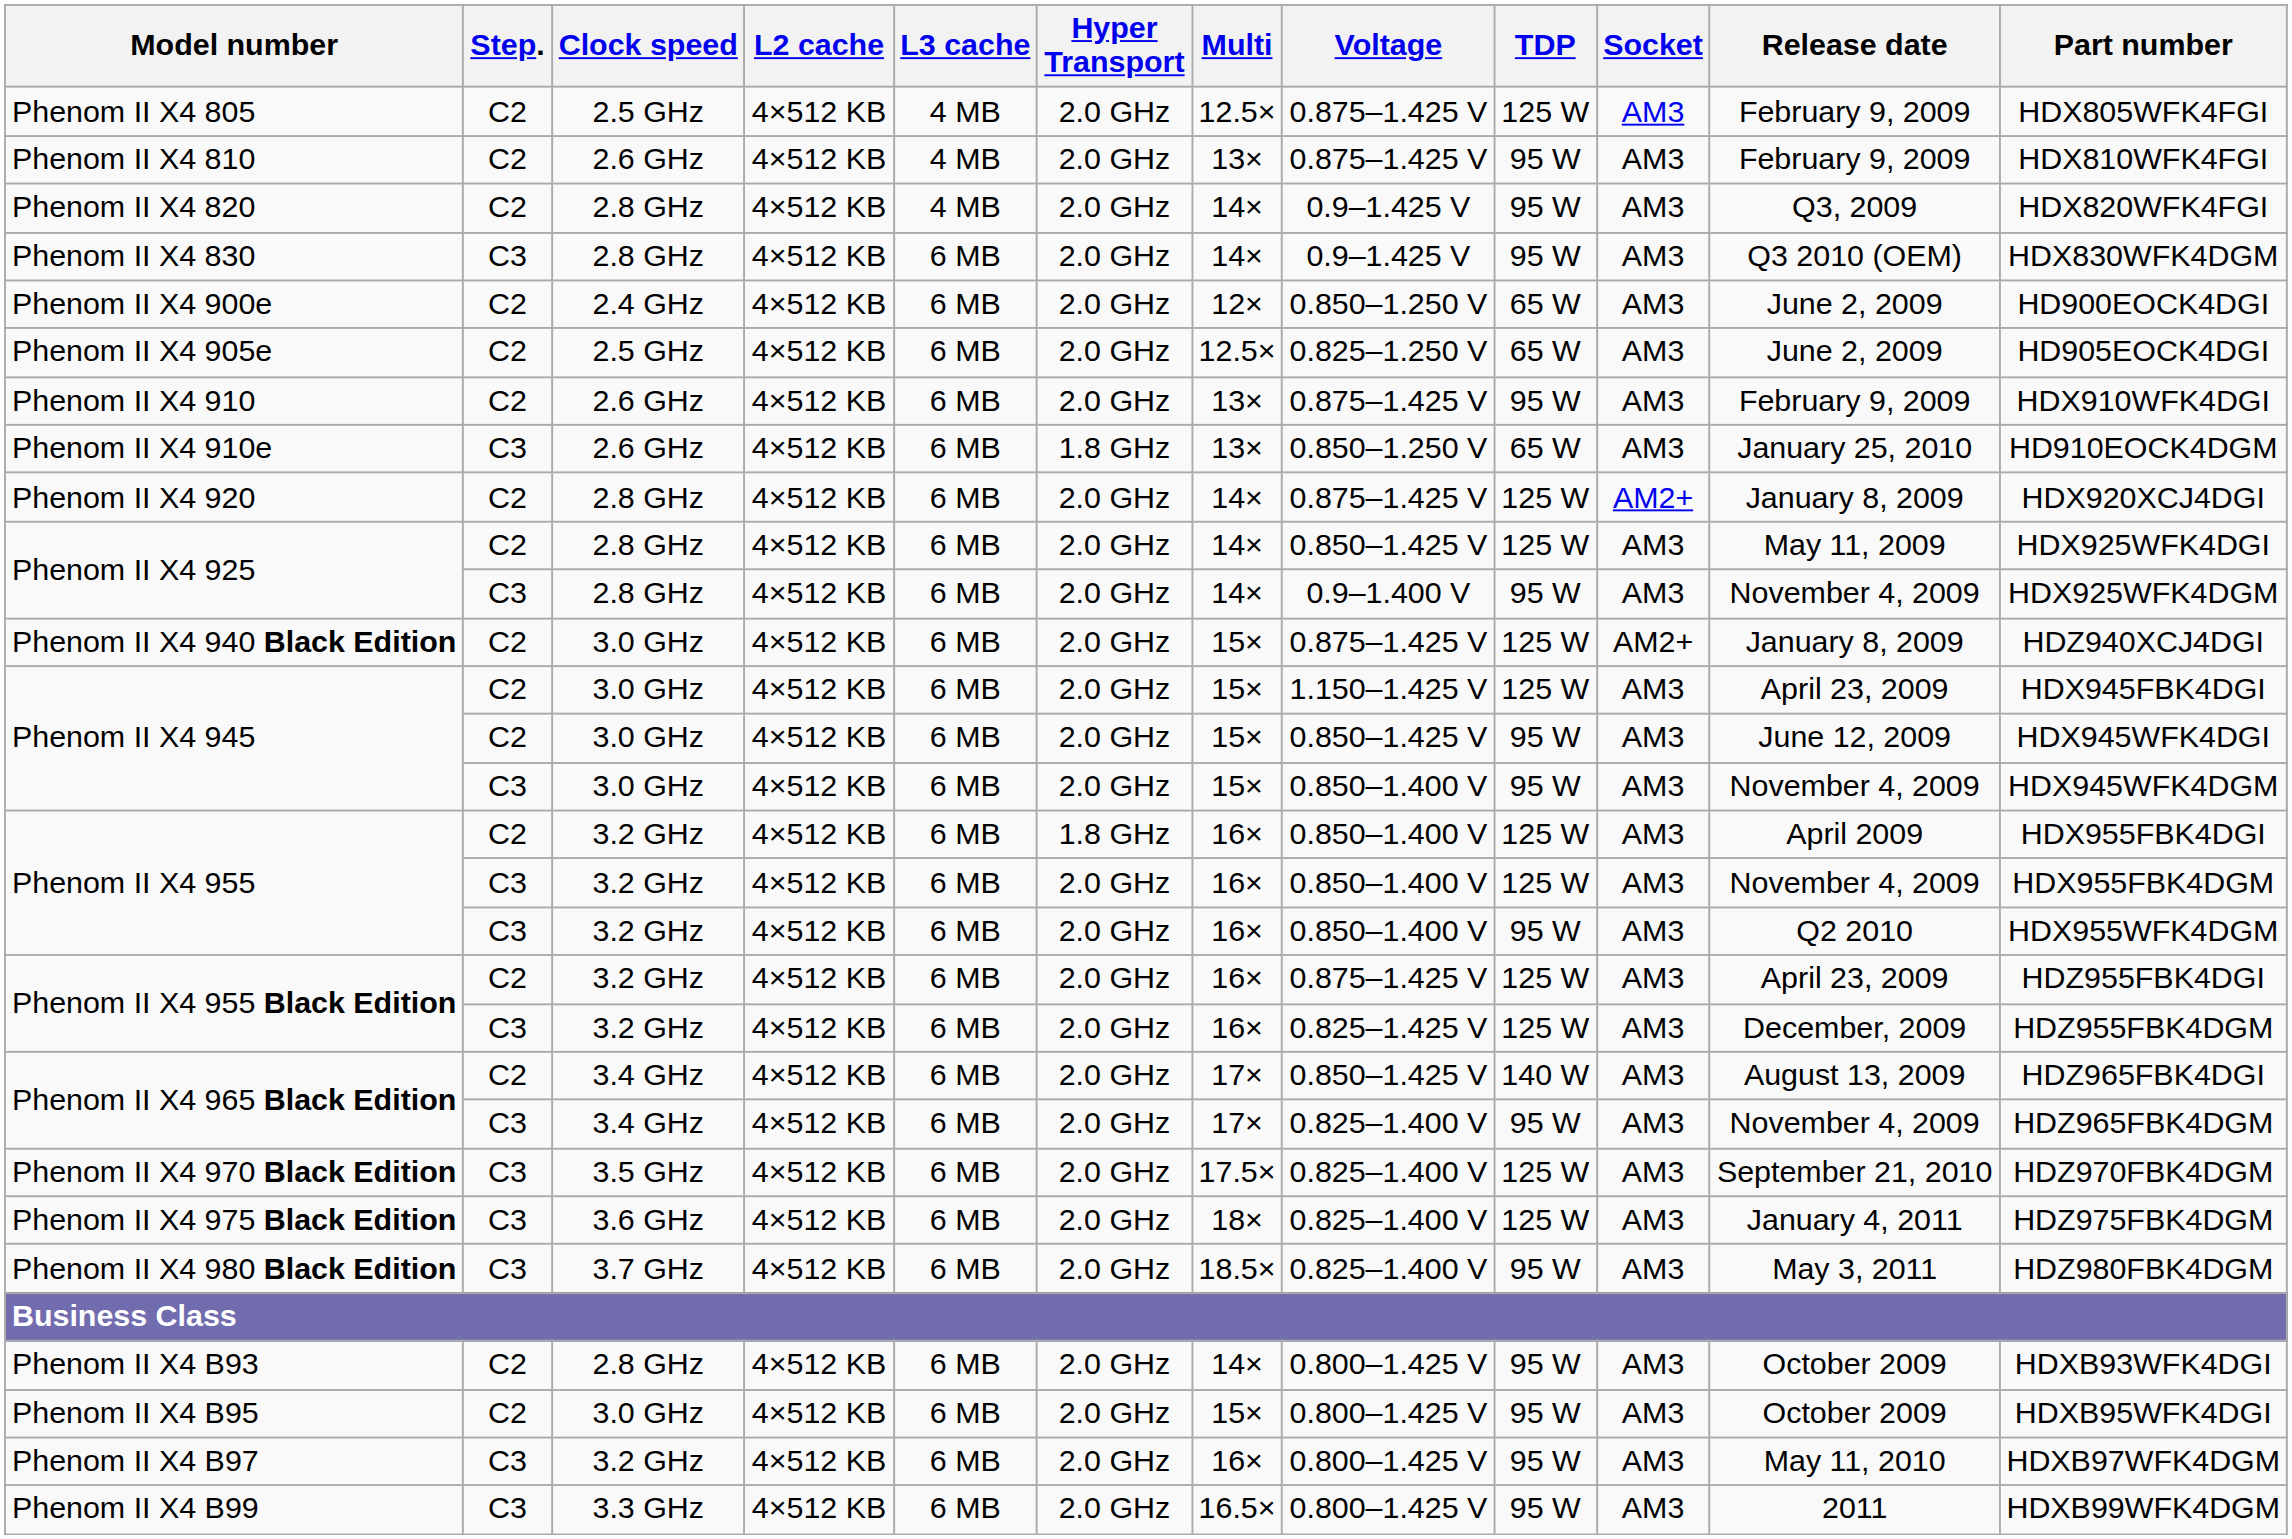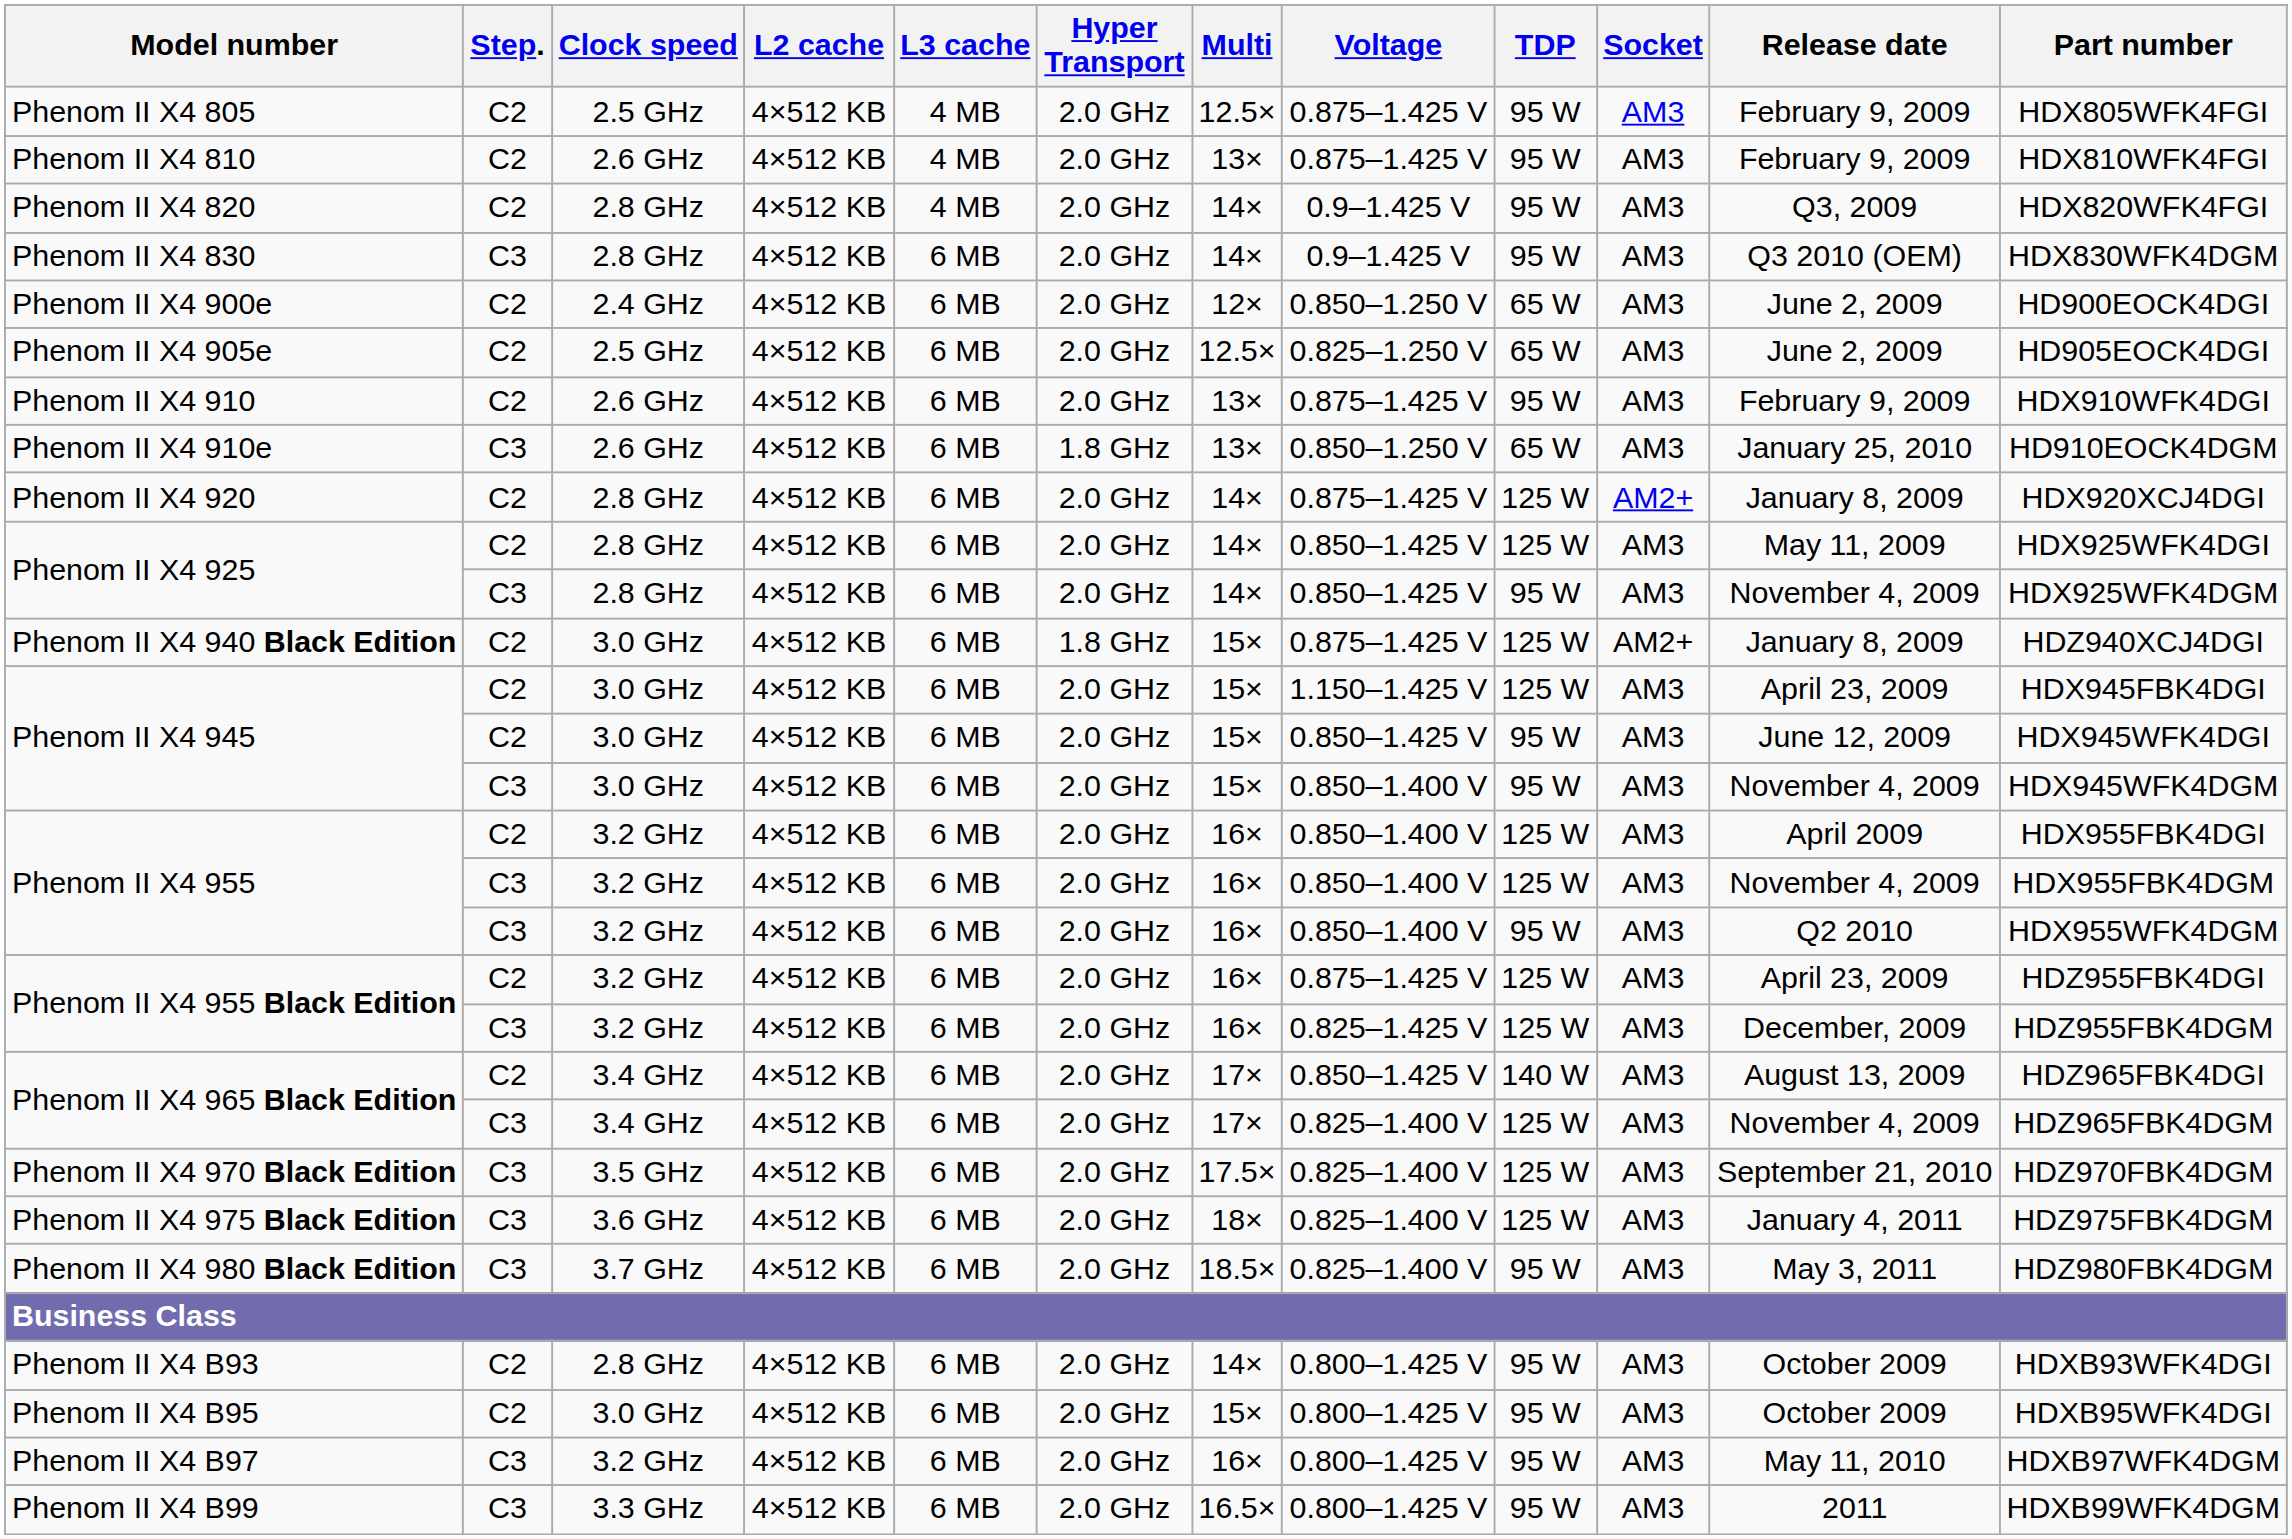 <table class="wikitable" style="text-align: center">
 <tr>
 <th>Model number</th>
 <th><a href='#'>Step</a>.</th>
 <th><a href='#'>Clock speed</a></th>
 <th><a href='#'>L2 cache</a></th>
 <th><a href='#'>L3 cache</a></th>
 <th><a href='#'>Hyper<br>Transport</a></th>
 <th><a href='#'>Multi</a></th>
 <th><a href='#'>Voltage</a></th>
 <th><a href='#'>TDP</a></th>
 <th><a href='#'>Socket</a></th>
 <th>Release date</th>
 <th>Part number</th>
 </tr>
 <tr>
 <td style="text-align:left">Phenom II X4 805</td>
 <td>C2</td>
 <td>2.5 GHz</td>
 <td style="white-space: nowrap;">4×512 KB</td>
 <td>4 MB</td>
 <td>2.0 GHz</td>
 <td>12.5×</td>
 <td>0.875–1.425 V</td>
-<td>125 W</td>
+<td style="white-space: nowrap;">95 W</td>
 <td><a href='#'>AM3</a></td>
 <td>February 9, 2009</td>
 <td>HDX805WFK4FGI</td>
 </tr>
 <tr>
 <td style="text-align:left">Phenom II X4 810</td>
 <td>C2</td>
 <td>2.6 GHz</td>
 <td>4×512 KB</td>
 <td>4 MB</td>
 <td>2.0 GHz</td>
 <td>13×</td>
 <td>0.875–1.425 V</td>
 <td>95 W</td>
 <td>AM3</td>
 <td>February 9, 2009</td>
 <td>HDX810WFK4FGI</td>
 </tr>
 <tr>
 <td style="text-align:left">Phenom II X4 820</td>
 <td>C2</td>
 <td>2.8 GHz</td>
 <td>4×512 KB</td>
 <td>4 MB</td>
 <td>2.0 GHz</td>
 <td>14×</td>
 <td>0.9–1.425 V</td>
 <td>95 W</td>
 <td>AM3</td>
 <td>Q3, 2009</td>
 <td>HDX820WFK4FGI</td>
 </tr>
 <tr>
 <td style="text-align:left">Phenom II X4 830</td>
 <td>C3</td>
 <td>2.8 GHz</td>
 <td>4×512 KB</td>
 <td style="white-space: nowrap;">6 MB</td>
 <td>2.0 GHz</td>
 <td>14×</td>
 <td>0.9–1.425 V</td>
 <td>95 W</td>
 <td>AM3</td>
 <td>Q3 2010 (OEM)</td>
 <td>HDX830WFK4DGM</td>
 </tr>
 <tr>
 <td style="text-align:left">Phenom II X4 900e</td>
 <td>C2</td>
 <td>2.4 GHz</td>
 <td>4×512 KB</td>
 <td>6 MB</td>
 <td>2.0 GHz</td>
 <td>12×</td>
 <td>0.850–1.250 V</td>
 <td>65 W</td>
 <td>AM3</td>
 <td>June 2, 2009</td>
 <td>HD900EOCK4DGI</td>
 </tr>
 <tr>
 <td style="text-align:left">Phenom II X4 905e</td>
 <td>C2</td>
 <td>2.5 GHz</td>
 <td>4×512 KB</td>
 <td>6 MB</td>
 <td>2.0 GHz</td>
 <td>12.5×</td>
 <td>0.825–1.250 V</td>
 <td>65 W</td>
 <td>AM3</td>
 <td>June 2, 2009</td>
 <td>HD905EOCK4DGI</td>
 </tr>
 <tr>
 <td style="text-align:left">Phenom II X4 910</td>
 <td>C2</td>
 <td>2.6 GHz</td>
 <td>4×512 KB</td>
 <td>6 MB</td>
 <td>2.0 GHz</td>
 <td>13×</td>
 <td>0.875–1.425 V</td>
 <td>95 W</td>
 <td>AM3</td>
 <td>February 9, 2009</td>
 <td>HDX910WFK4DGI</td>
 </tr>
 <tr>
 <td style="text-align:left">Phenom II X4 910e</td>
 <td>C3</td>
 <td>2.6 GHz</td>
 <td>4×512 KB</td>
 <td>6 MB</td>
 <td>1.8 GHz</td>
 <td>13×</td>
 <td>0.850–1.250 V</td>
 <td>65 W</td>
 <td>AM3</td>
 <td>January 25, 2010</td>
 <td>HD910EOCK4DGM</td>
 </tr>
 <tr>
 <td style="text-align:left">Phenom II X4 920</td>
 <td>C2</td>
 <td>2.8 GHz</td>
 <td>4×512 KB</td>
 <td>6 MB</td>
 <td>2.0 GHz</td>
 <td>14×</td>
 <td>0.875–1.425 V</td>
 <td>125 W</td>
 <td><a href='#'>AM2+</a></td>
 <td>January 8, 2009</td>
 <td>HDX920XCJ4DGI</td>
 </tr>
 <tr>
 <td style="text-align:left" rowspan="2">Phenom II X4 925</td>
 <td>C2</td>
 <td>2.8 GHz</td>
 <td>4×512 KB</td>
 <td>6 MB</td>
 <td>2.0 GHz</td>
 <td>14×</td>
 <td>0.850–1.425 V</td>
 <td>125 W</td>
 <td>AM3</td>
 <td>May 11, 2009</td>
 <td>HDX925WFK4DGI</td>
 </tr>
 <tr>
 <td>C3</td>
 <td>2.8 GHz</td>
 <td>4×512 KB</td>
 <td>6 MB</td>
 <td>2.0 GHz</td>
 <td>14×</td>
-<td>0.9–1.400 V</td>
+<td>0.850–1.425 V</td>
 <td>95 W</td>
 <td>AM3</td>
 <td>November 4, 2009</td>
 <td>HDX925WFK4DGM</td>
 </tr>
 <tr>
 <td style="text-align:left">Phenom II X4 940 <strong>Black Edition</strong></td>
 <td>C2</td>
 <td>3.0 GHz</td>
 <td>4×512 KB</td>
 <td>6 MB</td>
-<td>2.0 GHz</td>
+<td>1.8 GHz</td>
 <td>15×</td>
 <td>0.875–1.425 V</td>
 <td>125 W</td>
 <td>AM2+</td>
 <td>January 8, 2009</td>
 <td>HDZ940XCJ4DGI</td>
 </tr>
 <tr>
 <td style="text-align:left" rowspan="3">Phenom II X4 945</td>
 <td>C2</td>
 <td>3.0 GHz</td>
 <td>4×512 KB</td>
 <td>6 MB</td>
 <td>2.0 GHz</td>
 <td>15×</td>
 <td>1.150–1.425 V</td>
 <td>125 W</td>
 <td>AM3</td>
 <td>April 23, 2009</td>
 <td>HDX945FBK4DGI</td>
 </tr>
 <tr>
 <td>C2</td>
 <td>3.0 GHz</td>
 <td>4×512 KB</td>
 <td>6 MB</td>
 <td>2.0 GHz</td>
 <td>15×</td>
 <td>0.850–1.425 V</td>
 <td>95 W</td>
 <td>AM3</td>
 <td>June 12, 2009</td>
 <td>HDX945WFK4DGI</td>
 </tr>
 <tr>
 <td>C3</td>
 <td>3.0 GHz</td>
 <td>4×512 KB</td>
 <td>6 MB</td>
 <td>2.0 GHz</td>
 <td>15×</td>
 <td style="white-space: nowrap;">0.850–1.400 V</td>
 <td>95 W</td>
 <td>AM3</td>
 <td>November 4, 2009</td>
 <td>HDX945WFK4DGM</td>
 </tr>
 <tr>
 <td style="text-align:left" rowspan="3">Phenom II X4 955</td>
 <td>C2</td>
 <td>3.2 GHz</td>
 <td>4×512 KB</td>
 <td>6 MB</td>
-<td>1.8 GHz</td>
+<td>2.0 GHz</td>
 <td>16×</td>
 <td>0.850–1.400 V</td>
 <td>125 W</td>
 <td>AM3</td>
 <td>April 2009</td>
 <td>HDX955FBK4DGI</td>
 </tr>
 <tr>
 <td>C3</td>
 <td>3.2 GHz</td>
 <td>4×512 KB</td>
 <td>6 MB</td>
 <td>2.0 GHz</td>
 <td>16×</td>
 <td>0.850–1.400 V</td>
 <td>125 W</td>
 <td>AM3</td>
 <td>November 4, 2009</td>
 <td>HDX955FBK4DGM</td>
 </tr>
 <tr>
 <td>C3</td>
 <td>3.2 GHz</td>
 <td>4×512 KB</td>
 <td>6 MB</td>
 <td>2.0 GHz</td>
 <td>16×</td>
 <td>0.850–1.400 V</td>
 <td>95 W</td>
 <td>AM3</td>
 <td>Q2 2010</td>
 <td>HDX955WFK4DGM</td>
 </tr>
 <tr>
 <td style="text-align:left" rowspan="2">Phenom II X4 955 <strong>Black Edition</strong></td>
 <td>C2</td>
 <td>3.2 GHz</td>
 <td>4×512 KB</td>
 <td>6 MB</td>
 <td>2.0 GHz</td>
 <td>16×</td>
 <td>0.875–1.425 V</td>
 <td>125 W</td>
 <td>AM3</td>
 <td>April 23, 2009</td>
 <td>HDZ955FBK4DGI</td>
 </tr>
 <tr>
 <td>C3</td>
 <td>3.2 GHz</td>
 <td>4×512 KB</td>
 <td>6 MB</td>
 <td>2.0 GHz</td>
 <td>16×</td>
 <td>0.825–1.425 V</td>
 <td>125 W</td>
 <td>AM3</td>
 <td>December, 2009</td>
 <td>HDZ955FBK4DGM</td>
 </tr>
 <tr>
 <td style="text-align:left" rowspan="2">Phenom II X4 965 <strong>Black Edition</strong></td>
 <td>C2</td>
 <td>3.4 GHz</td>
 <td>4×512 KB</td>
 <td>6 MB</td>
 <td>2.0 GHz</td>
 <td>17×</td>
 <td>0.850–1.425 V</td>
 <td>140 W</td>
 <td>AM3</td>
 <td>August 13, 2009</td>
 <td>HDZ965FBK4DGI</td>
 </tr>
 <tr>
 <td>C3</td>
 <td>3.4 GHz</td>
 <td>4×512 KB</td>
 <td>6 MB</td>
 <td>2.0 GHz</td>
 <td>17×</td>
 <td>0.825–1.400 V</td>
-<td style="white-space: nowrap;">95 W</td>
+<td>125 W</td>
 <td>AM3</td>
 <td>November 4, 2009</td>
 <td>HDZ965FBK4DGM</td>
 </tr>
 <tr>
 <td style="text-align:left">Phenom II X4 970 <strong>Black Edition</strong></td>
 <td>C3</td>
 <td>3.5 GHz</td>
 <td>4×512 KB</td>
 <td>6 MB</td>
 <td>2.0 GHz</td>
 <td>17.5×</td>
 <td>0.825–1.400 V</td>
 <td>125 W</td>
 <td>AM3</td>
 <td>September 21, 2010</td>
 <td>HDZ970FBK4DGM</td>
 </tr>
 <tr>
 <td style="text-align:left">Phenom II X4 975 <strong>Black Edition</strong></td>
 <td>C3</td>
 <td>3.6 GHz</td>
 <td>4×512 KB</td>
 <td>6 MB</td>
 <td>2.0 GHz</td>
 <td>18×</td>
 <td>0.825–1.400 V</td>
 <td>125 W</td>
 <td>AM3</td>
 <td>January 4, 2011</td>
 <td>HDZ975FBK4DGM</td>
 </tr>
 <tr>
 <td style="text-align:left">Phenom II X4 980 <strong>Black Edition</strong></td>
 <td>C3</td>
 <td>3.7 GHz</td>
 <td>4×512 KB</td>
 <td>6 MB</td>
 <td>2.0 GHz</td>
 <td>18.5×</td>
 <td>0.825–1.400 V</td>
 <td>95 W</td>
 <td>AM3</td>
 <td>May 3, 2011</td>
 <td>HDZ980FBK4DGM</td>
 </tr>
 <tr>
 <td style="text-align: left; background-color: #716cae; color: white;" colspan="12"><strong>Business Class</strong></td>
 </tr>
 <tr>
 <td style="text-align:left">Phenom II X4 B93</td>
 <td>C2</td>
 <td>2.8 GHz</td>
 <td>4×512 KB</td>
 <td>6 MB</td>
 <td>2.0 GHz</td>
 <td>14×</td>
 <td>0.800–1.425 V</td>
 <td>95 W</td>
 <td>AM3</td>
 <td>October 2009</td>
 <td>HDXB93WFK4DGI</td>
 </tr>
 <tr>
 <td style="text-align:left">Phenom II X4 B95</td>
 <td>C2</td>
 <td>3.0 GHz</td>
 <td>4×512 KB</td>
 <td>6 MB</td>
 <td>2.0 GHz</td>
 <td>15×</td>
 <td>0.800–1.425 V</td>
 <td>95 W</td>
 <td>AM3</td>
 <td>October 2009</td>
 <td>HDXB95WFK4DGI</td>
 </tr>
 <tr>
 <td style="text-align:left">Phenom II X4 B97</td>
 <td>C3</td>
 <td>3.2 GHz</td>
 <td>4×512 KB</td>
 <td>6 MB</td>
 <td>2.0 GHz</td>
 <td>16×</td>
 <td>0.800–1.425 V</td>
 <td>95 W</td>
 <td>AM3</td>
 <td>May 11, 2010</td>
 <td>HDXB97WFK4DGM</td>
 </tr>
 <tr>
 <td style="text-align:left">Phenom II X4 B99</td>
 <td>C3</td>
 <td>3.3 GHz</td>
 <td>4×512 KB</td>
 <td>6 MB</td>
 <td>2.0 GHz</td>
 <td>16.5×</td>
 <td>0.800–1.425 V</td>
 <td>95 W</td>
 <td>AM3</td>
 <td>2011</td>
 <td>HDXB99WFK4DGM</td>
 </tr>
 </table>
